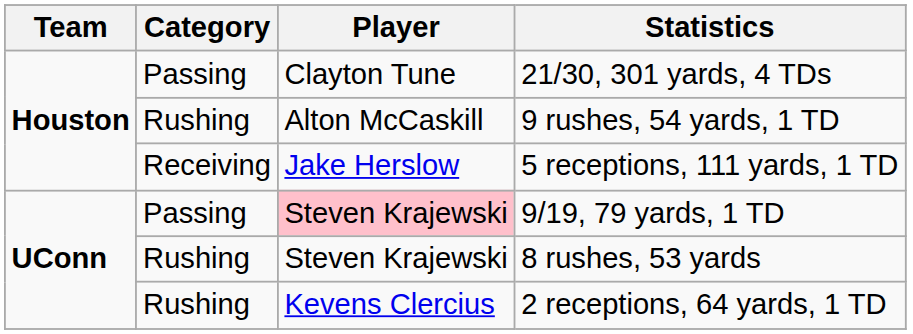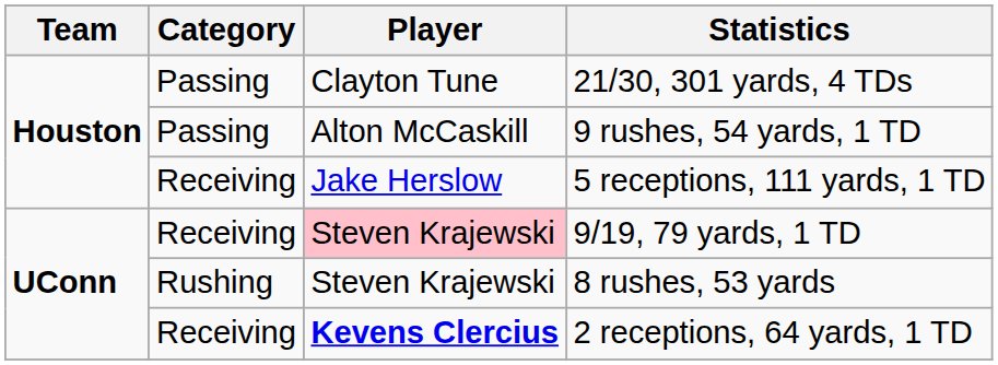 <table class="wikitable" style="float: left;">
 <tr>
 <th>Team</th>
 <th>Category</th>
 <th>Player</th>
 <th>Statistics</th>
 </tr>
 <tr>
 <td rowspan=3><strong>Houston</strong></td>
 <td>Passing</td>
 <td>Clayton Tune</td>
 <td>21/30, 301 yards, 4 TDs</td>
 </tr>
 <tr>
-<td>Rushing</td>
+<td>Passing</td>
 <td>Alton McCaskill</td>
 <td>9 rushes, 54 yards, 1 TD</td>
 </tr>
 <tr>
 <td>Receiving</td>
 <td><a href='#'>Jake Herslow</a></td>
 <td>5 receptions, 111 yards, 1 TD</td>
 </tr>
 <tr>
 <td rowspan=3><strong>UConn</strong></td>
-<td>Passing</td>
+<td>Receiving</td>
 <td style="background: pink;">Steven Krajewski</td>
 <td>9/19, 79 yards, 1 TD</td>
 </tr>
 <tr>
 <td>Rushing</td>
 <td>Steven Krajewski</td>
 <td>8 rushes, 53 yards</td>
 </tr>
 <tr>
-<td>Rushing</td>
-<td><a href='#'>Kevens Clercius</a></td>
+<td>Receiving</td>
+<td><strong><a href='#'>Kevens Clercius</a></strong></td>
 <td>2 receptions, 64 yards, 1 TD</td>
 </tr>
 </table>
